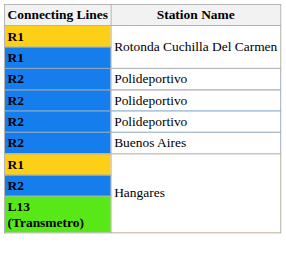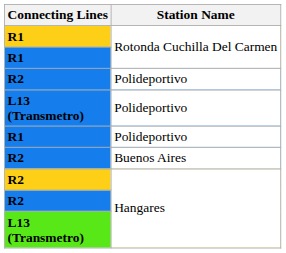 <table class="wikitable">
 <tr>
 <th>Connecting Lines</th>
 <th>Station Name</th>
 </tr>
 <tr style="background-color:#FDD017;">
 <td><strong>R1</strong></td>
 <td style="background-color:white;" rowspan="2">Rotonda Cuchilla Del Carmen</td>
 </tr>
 <tr style="background-color:#157DEC;">
 <td><strong>R1</strong></td>
 </tr>
 <tr style="background-color:#157DEC;">
 <td><strong>R2</strong></td>
 <td style="background-color:white;">Polideportivo</td>
 </tr>
 <tr style="background-color:#157DEC;">
-<td><strong>R2</strong></td>
+<td><strong>L13 <br> (Transmetro)</strong></td>
 <td style="background-color:white;">Polideportivo</td>
 </tr>
 <tr style="background-color:#157DEC;">
-<td><strong>R2</strong></td>
+<td><strong>R1</strong></td>
 <td style="background-color:white;">Polideportivo</td>
 </tr>
 <tr style="background-color:#157DEC;">
 <td><strong>R2</strong></td>
 <td style="background-color:white;">Buenos Aires</td>
 </tr>
 <tr style="background-color:#FDD017;">
-<td><strong>R1</strong></td>
+<td><strong>R2</strong></td>
 <td style="background-color:white;" rowspan="3">Hangares</td>
 </tr>
 <tr style="background-color:#157DEC;">
 <td><strong>R2</strong></td>
 </tr>
 <tr style="background-color:#59E817;">
 <td><strong>L13 <br> (Transmetro)</strong></td>
 </tr>
 </table>
